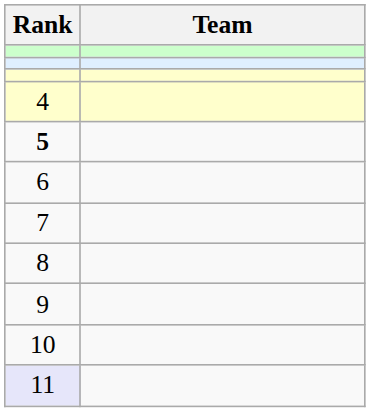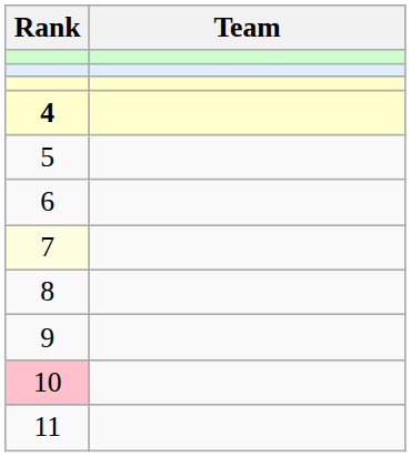 <table class="wikitable" style="text-align: center;">
 <tr>
 <th width=40>Rank</th>
 <th width=170>Team</th>
 </tr>
 <tr bgcolor=#CCFFCC>
 <td></td>
 <td align="left"></td>
 </tr>
 <tr bgcolor=#dfefff>
 <td></td>
 <td align="left"></td>
 </tr>
 <tr bgcolor=#ffffcc>
 <td></td>
 <td align="left"></td>
 </tr>
 <tr bgcolor=#ffffcc>
-<td>4</td>
+<td><strong>4</strong></td>
 <td align="left"></td>
 </tr>
 <tr>
-<td><strong>5</strong></td>
+<td>5</td>
 <td align="left"></td>
 </tr>
 <tr>
 <td>6</td>
 <td align="left"></td>
 </tr>
 <tr>
-<td>7</td>
+<td style="background: lightyellow;">7</td>
 <td align="left"></td>
 </tr>
 <tr>
 <td>8</td>
 <td align="left"></td>
 </tr>
 <tr>
 <td>9</td>
 <td align="left"></td>
 </tr>
 <tr>
-<td>10</td>
+<td style="background: pink;">10</td>
 <td align="left"></td>
 </tr>
 <tr>
-<td style="background: lavender;">11</td>
+<td>11</td>
 <td align="left"></td>
 </tr>
 </table>
